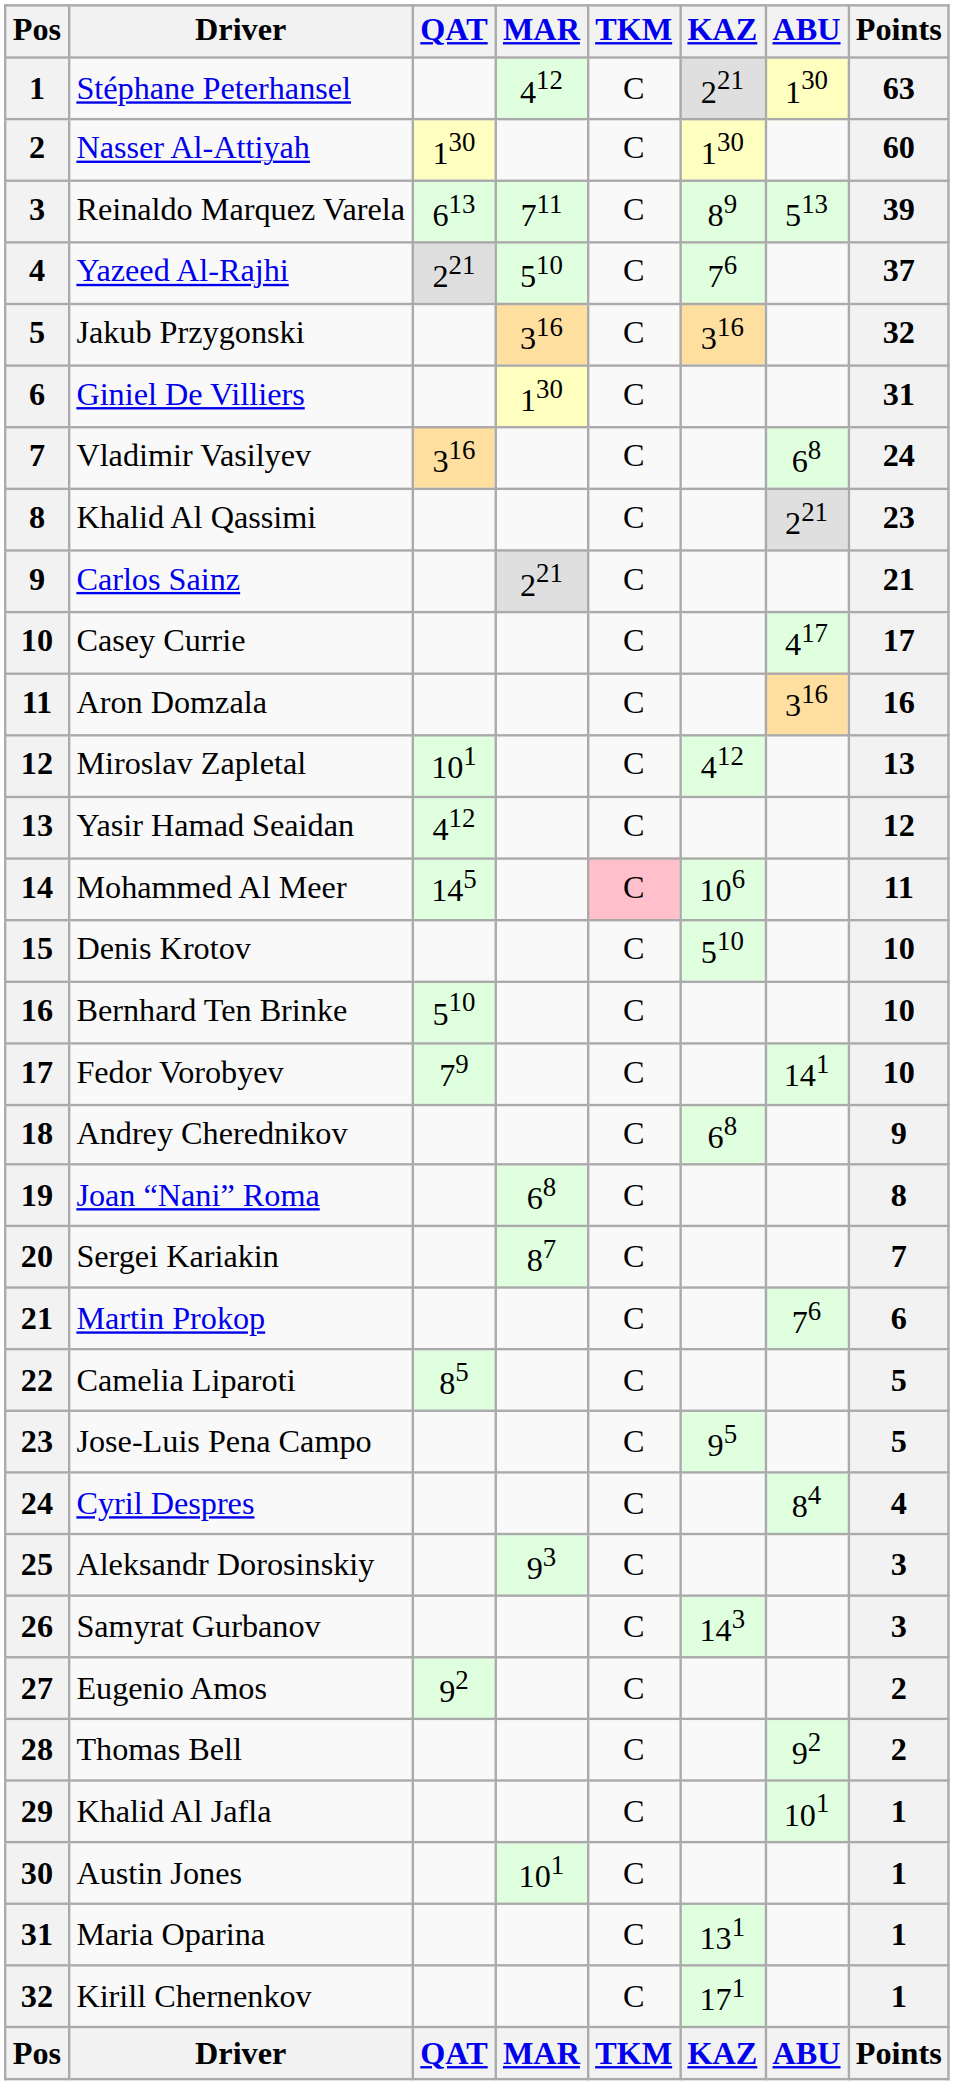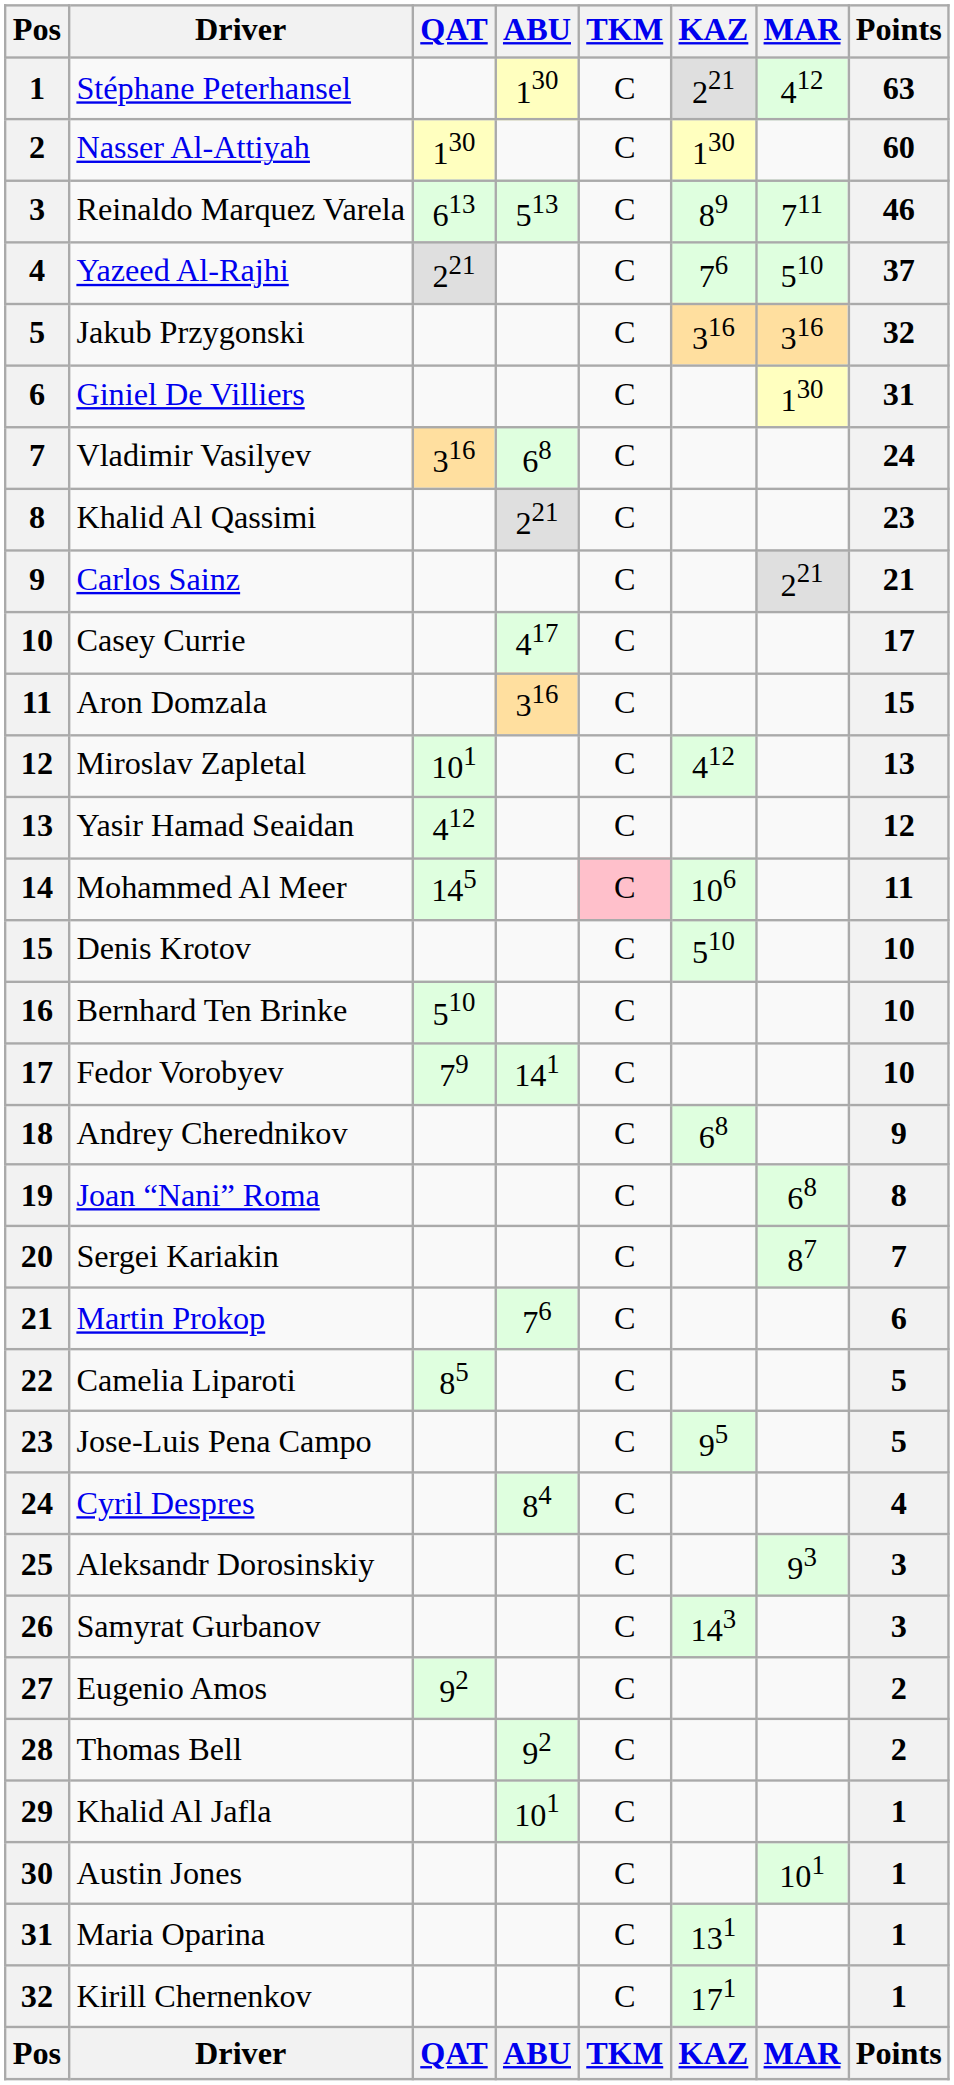 <table class="wikitable" style="font-size: 85%; text-align: center; display: inline-table;">
 <tr valign="top">
 <th valign="middle">Pos</th>
 <th valign="middle">Driver</th>
 <th><a href='#'>QAT</a><br></th>
-<th><a href='#'>MAR</a><br></th>
+<th><a href='#'>ABU</a><br></th>
 <th><a href='#'>TKM</a><br></th>
 <th><a href='#'>KAZ</a><br></th>
-<th><a href='#'>ABU</a><br></th>
+<th><a href='#'>MAR</a><br></th>
 <th valign="middle">Points</th>
 </tr>
 <tr>
 <th>1</th>
 <td align=left> <a href='#'>Stéphane Peterhansel</a></td>
 <td></td>
-<td style="background:#dfffdf;">4<sup>12</sup></td>
+<td style="background:#ffffbf;">1<sup>30</sup></td>
 <td>C</td>
 <td style="background:#dfdfdf;">2<sup>21</sup></td>
-<td style="background:#ffffbf;">1<sup>30</sup></td>
+<td style="background:#dfffdf;">4<sup>12</sup></td>
 <th>63</th>
 </tr>
 <tr>
 <th>2</th>
 <td align=left> <a href='#'>Nasser Al-Attiyah</a></td>
 <td style="background:#ffffbf;">1<sup>30</sup></td>
 <td></td>
 <td>C</td>
 <td style="background:#ffffbf;">1<sup>30</sup></td>
 <td></td>
 <th>60</th>
 </tr>
 <tr>
 <th>3</th>
 <td align=left> Reinaldo Marquez Varela</td>
 <td style="background:#dfffdf;">6<sup>13</sup></td>
-<td style="background:#dfffdf;">7<sup>11</sup></td>
+<td style="background:#dfffdf;">5<sup>13</sup></td>
 <td>C</td>
 <td style="background:#dfffdf;">8<sup>9</sup></td>
-<td style="background:#dfffdf;">5<sup>13</sup></td>
-<th>39</th>
+<td style="background:#dfffdf;">7<sup>11</sup></td>
+<th>46</th>
 </tr>
 <tr>
 <th>4</th>
 <td align=left> <a href='#'>Yazeed Al-Rajhi</a></td>
 <td style="background:#dfdfdf;">2<sup>21</sup></td>
-<td style="background:#dfffdf;">5<sup>10</sup></td>
+<td></td>
 <td>C</td>
 <td style="background:#dfffdf;">7<sup>6</sup></td>
-<td></td>
+<td style="background:#dfffdf;">5<sup>10</sup></td>
 <th>37</th>
 </tr>
 <tr>
 <th>5</th>
 <td align=left> Jakub Przygonski</td>
 <td></td>
-<td style="background:#ffdf9f;">3<sup>16</sup></td>
+<td></td>
 <td>C</td>
 <td style="background:#ffdf9f;">3<sup>16</sup></td>
-<td></td>
+<td style="background:#ffdf9f;">3<sup>16</sup></td>
 <th>32</th>
 </tr>
 <tr>
 <th>6</th>
 <td align=left> <a href='#'>Giniel De Villiers</a></td>
 <td></td>
-<td style="background:#ffffbf;">1<sup>30</sup></td>
+<td></td>
 <td>C</td>
 <td></td>
-<td></td>
+<td style="background:#ffffbf;">1<sup>30</sup></td>
 <th>31</th>
 </tr>
 <tr>
 <th>7</th>
 <td align=left> Vladimir Vasilyev</td>
 <td style="background:#ffdf9f;">3<sup>16</sup></td>
-<td></td>
+<td style="background:#dfffdf;">6<sup>8</sup></td>
 <td>C</td>
 <td></td>
-<td style="background:#dfffdf;">6<sup>8</sup></td>
+<td></td>
 <th>24</th>
 </tr>
 <tr>
 <th>8</th>
 <td align=left> Khalid Al Qassimi</td>
 <td></td>
-<td></td>
+<td style="background:#dfdfdf;">2<sup>21</sup></td>
 <td>C</td>
 <td></td>
-<td style="background:#dfdfdf;">2<sup>21</sup></td>
+<td></td>
 <th>23</th>
 </tr>
 <tr>
 <th>9</th>
 <td align=left> <a href='#'>Carlos Sainz</a></td>
 <td></td>
-<td style="background:#dfdfdf;">2<sup>21</sup></td>
+<td></td>
 <td>C</td>
 <td></td>
-<td></td>
+<td style="background:#dfdfdf;">2<sup>21</sup></td>
 <th>21</th>
 </tr>
 <tr>
 <th>10</th>
 <td align=left> Casey Currie</td>
 <td></td>
-<td></td>
+<td style="background:#dfffdf;">4<sup>17</sup></td>
 <td>C</td>
 <td></td>
-<td style="background:#dfffdf;">4<sup>17</sup></td>
+<td></td>
 <th>17</th>
 </tr>
 <tr>
 <th>11</th>
 <td align=left> Aron Domzala</td>
 <td></td>
-<td></td>
+<td style="background:#ffdf9f;">3<sup>16</sup></td>
 <td>C</td>
 <td></td>
-<td style="background:#ffdf9f;">3<sup>16</sup></td>
-<th>16</th>
+<td></td>
+<th>15</th>
 </tr>
 <tr>
 <th>12</th>
 <td align=left> Miroslav Zapletal</td>
 <td style="background:#dfffdf;">10<sup>1</sup></td>
 <td></td>
 <td>C</td>
 <td style="background:#dfffdf;">4<sup>12</sup></td>
 <td></td>
 <th>13</th>
 </tr>
 <tr>
 <th>13</th>
 <td align=left> Yasir Hamad Seaidan</td>
 <td style="background:#dfffdf;">4<sup>12</sup></td>
 <td></td>
 <td>C</td>
 <td></td>
 <td></td>
 <th>12</th>
 </tr>
 <tr>
 <th>14</th>
 <td align=left> Mohammed Al Meer</td>
 <td style="background:#dfffdf;">14<sup>5</sup></td>
 <td></td>
 <td style="background: pink;">C</td>
 <td style="background:#dfffdf;">10<sup>6</sup></td>
 <td></td>
 <th>11</th>
 </tr>
 <tr>
 <th>15</th>
 <td align=left> Denis Krotov</td>
 <td></td>
 <td></td>
 <td>C</td>
 <td style="background:#dfffdf;">5<sup>10</sup></td>
 <td></td>
 <th>10</th>
 </tr>
 <tr>
 <th>16</th>
 <td align=left> Bernhard Ten Brinke</td>
 <td style="background:#dfffdf;">5<sup>10</sup></td>
 <td></td>
 <td>C</td>
 <td></td>
 <td></td>
 <th>10</th>
 </tr>
 <tr>
 <th>17</th>
 <td align=left> Fedor Vorobyev</td>
 <td style="background:#dfffdf;">7<sup>9</sup></td>
-<td></td>
+<td style="background:#dfffdf;">14<sup>1</sup></td>
 <td>C</td>
 <td></td>
-<td style="background:#dfffdf;">14<sup>1</sup></td>
+<td></td>
 <th>10</th>
 </tr>
 <tr>
 <th>18</th>
 <td align=left> Andrey Cherednikov</td>
 <td></td>
 <td></td>
 <td>C</td>
 <td style="background:#dfffdf;">6<sup>8</sup></td>
 <td></td>
 <th>9</th>
 </tr>
 <tr>
 <th>19</th>
 <td align=left> <a href='#'>Joan “Nani” Roma</a></td>
 <td></td>
-<td style="background:#dfffdf;">6<sup>8</sup></td>
+<td></td>
 <td>C</td>
 <td></td>
-<td></td>
+<td style="background:#dfffdf;">6<sup>8</sup></td>
 <th>8</th>
 </tr>
 <tr>
 <th>20</th>
 <td align=left> Sergei Kariakin</td>
 <td></td>
-<td style="background:#dfffdf;">8<sup>7</sup></td>
+<td></td>
 <td>C</td>
 <td></td>
-<td></td>
+<td style="background:#dfffdf;">8<sup>7</sup></td>
 <th>7</th>
 </tr>
 <tr>
 <th>21</th>
 <td align=left> <a href='#'>Martin Prokop</a></td>
 <td></td>
-<td></td>
+<td style="background:#dfffdf;">7<sup>6</sup></td>
 <td>C</td>
 <td></td>
-<td style="background:#dfffdf;">7<sup>6</sup></td>
+<td></td>
 <th>6</th>
 </tr>
 <tr>
 <th>22</th>
 <td align=left> Camelia Liparoti</td>
 <td style="background:#dfffdf;">8<sup>5</sup></td>
 <td></td>
 <td>C</td>
 <td></td>
 <td></td>
 <th>5</th>
 </tr>
 <tr>
 <th>23</th>
 <td align=left> Jose-Luis Pena Campo</td>
 <td></td>
 <td></td>
 <td>C</td>
 <td style="background:#dfffdf;">9<sup>5</sup></td>
 <td></td>
 <th>5</th>
 </tr>
 <tr>
 <th>24</th>
 <td align=left> <a href='#'>Cyril Despres</a></td>
 <td></td>
-<td></td>
+<td style="background:#dfffdf;">8<sup>4</sup></td>
 <td>C</td>
 <td></td>
-<td style="background:#dfffdf;">8<sup>4</sup></td>
+<td></td>
 <th>4</th>
 </tr>
 <tr>
 <th>25</th>
 <td align=left> Aleksandr Dorosinskiy</td>
 <td></td>
-<td style="background:#dfffdf;">9<sup>3</sup></td>
+<td></td>
 <td>C</td>
 <td></td>
-<td></td>
+<td style="background:#dfffdf;">9<sup>3</sup></td>
 <th>3</th>
 </tr>
 <tr>
 <th>26</th>
 <td align=left> Samyrat Gurbanov</td>
 <td></td>
 <td></td>
 <td>C</td>
 <td style="background:#dfffdf;">14<sup>3</sup></td>
 <td></td>
 <th>3</th>
 </tr>
 <tr>
 <th>27</th>
 <td align=left> Eugenio Amos</td>
 <td style="background:#dfffdf;">9<sup>2</sup></td>
 <td></td>
 <td>C</td>
 <td></td>
 <td></td>
 <th>2</th>
 </tr>
 <tr>
 <th>28</th>
 <td align=left> Thomas Bell</td>
 <td></td>
-<td></td>
+<td style="background:#dfffdf;">9<sup>2</sup></td>
 <td>C</td>
 <td></td>
-<td style="background:#dfffdf;">9<sup>2</sup></td>
+<td></td>
 <th>2</th>
 </tr>
 <tr>
 <th>29</th>
 <td align=left> Khalid Al Jafla</td>
 <td></td>
-<td></td>
+<td style="background:#dfffdf;">10<sup>1</sup></td>
 <td>C</td>
 <td></td>
-<td style="background:#dfffdf;">10<sup>1</sup></td>
+<td></td>
 <th>1</th>
 </tr>
 <tr>
 <th>30</th>
 <td align=left> Austin Jones</td>
 <td></td>
-<td style="background:#dfffdf;">10<sup>1</sup></td>
+<td></td>
 <td>C</td>
 <td></td>
-<td></td>
+<td style="background:#dfffdf;">10<sup>1</sup></td>
 <th>1</th>
 </tr>
 <tr>
 <th>31</th>
 <td align=left> Maria Oparina</td>
 <td></td>
 <td></td>
 <td>C</td>
 <td style="background:#dfffdf;">13<sup>1</sup></td>
 <td></td>
 <th>1</th>
 </tr>
 <tr>
 <th>32</th>
 <td align=left> Kirill Chernenkov</td>
 <td></td>
 <td></td>
 <td>C</td>
 <td style="background:#dfffdf;">17<sup>1</sup></td>
 <td></td>
 <th>1</th>
 </tr>
 <tr valign="top">
 <th valign="middle">Pos</th>
 <th valign="middle">Driver</th>
 <th><a href='#'>QAT</a><br></th>
-<th><a href='#'>MAR</a><br></th>
+<th><a href='#'>ABU</a><br></th>
 <th><a href='#'>TKM</a><br></th>
 <th><a href='#'>KAZ</a><br></th>
-<th><a href='#'>ABU</a><br></th>
+<th><a href='#'>MAR</a><br></th>
 <th valign="middle">Points</th>
 </tr>
 </table>
